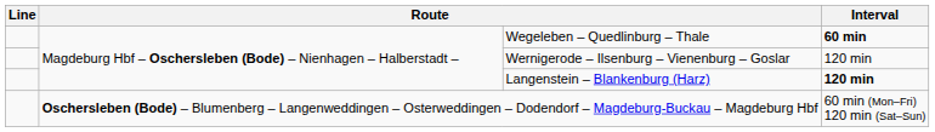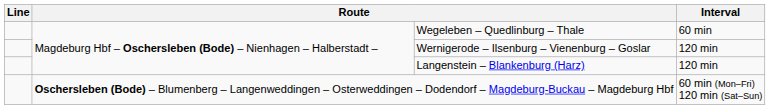 <table class="wikitable">
 <tr>
 <th>Line</th>
 <th colspan="2">Route</th>
 <th>Interval</th>
 </tr>
 <tr>
 <td align="center"></td>
 <td rowspan="3">Magdeburg Hbf – <strong>Oschersleben (Bode)</strong> – Nienhagen – Halberstadt –</td>
 <td>Wegeleben – Quedlinburg – Thale</td>
-<td><strong>60 min</strong></td>
+<td>60 min</td>
 </tr>
 <tr>
 <td align="center"></td>
 <td>Wernigerode – Ilsenburg – Vienenburg – Goslar</td>
 <td>120 min</td>
 </tr>
 <tr>
 <td align="center"></td>
 <td>Langenstein – <a href='#'>Blankenburg (Harz)</a></td>
-<td><strong>120 min</strong></td>
+<td>120 min</td>
 </tr>
 <tr>
 <td align="center"></td>
 <td colspan="2"><strong>Oschersleben (Bode)</strong> – Blumenberg – Langenweddingen – Osterweddingen – Dodendorf – <a href='#'>Magdeburg-Buckau</a> – Magdeburg Hbf</td>
 <td>60 min <small>(Mon–Fri)</small><br>120 min <small>(Sat–Sun)</small></td>
 </tr>
 </table>
